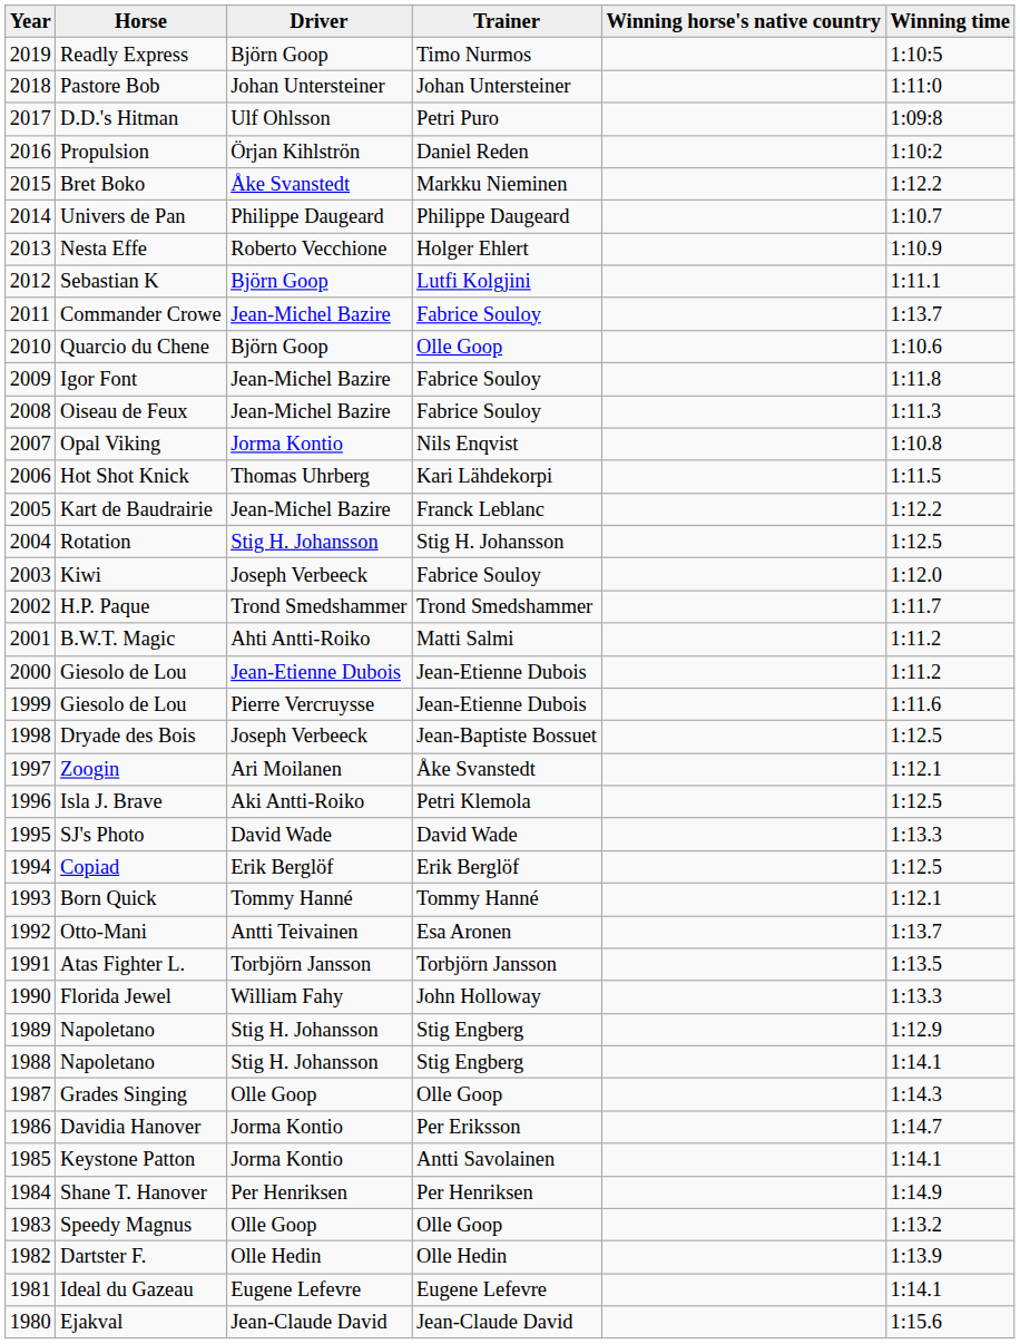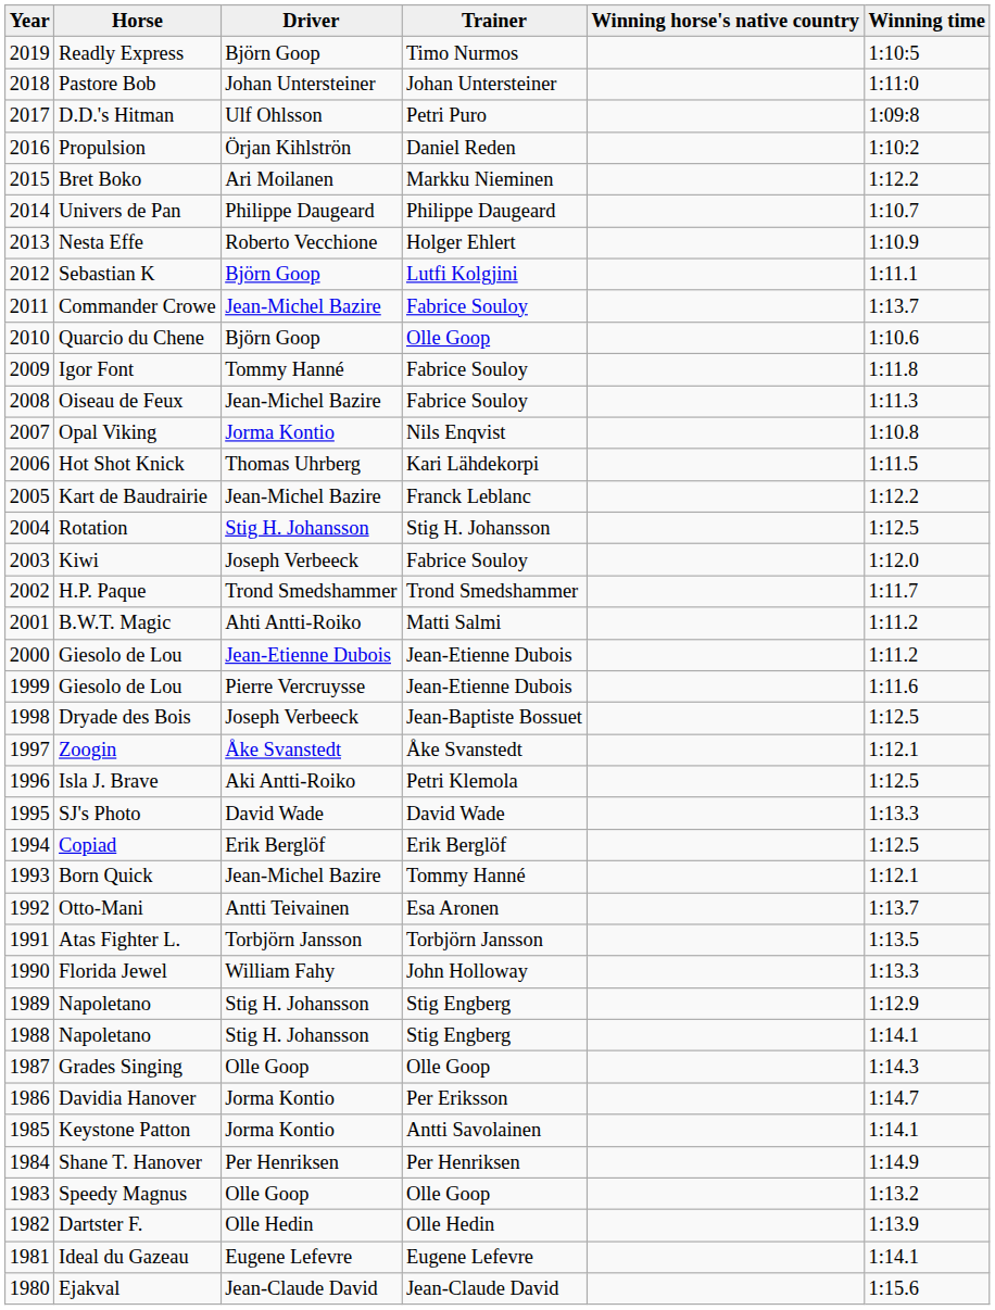 <table class="wikitable">
 <tr ---- align="center">
 <th align="left" style="background:#efefef;">Year</th>
 <th align="left" style="background:#efefef;">Horse</th>
 <th align="left" style="background:#efefef;">Driver</th>
 <th align="left" style="background:#efefef;">Trainer</th>
 <th align="left" style="background:#efefef;">Winning horse's native country</th>
 <th align="left" style="background:#efefef;">Winning time</th>
 </tr>
 <tr ---->
 <td>2019</td>
 <td>Readly Express</td>
 <td>Björn Goop</td>
 <td>Timo Nurmos</td>
 <td></td>
 <td>1:10:5</td>
 </tr>
 <tr ---->
 <td>2018</td>
 <td>Pastore Bob</td>
 <td>Johan Untersteiner</td>
 <td>Johan Untersteiner</td>
 <td></td>
 <td>1:11:0</td>
 </tr>
 <tr ---->
 <td>2017</td>
 <td>D.D.'s Hitman</td>
 <td>Ulf Ohlsson</td>
 <td>Petri Puro</td>
 <td></td>
 <td>1:09:8</td>
 </tr>
 <tr ---->
 <td>2016</td>
 <td>Propulsion</td>
 <td>Örjan Kihlströn</td>
 <td>Daniel Reden</td>
 <td></td>
 <td>1:10:2</td>
 </tr>
 <tr ---->
 <td>2015</td>
 <td>Bret Boko</td>
-<td><a href='#'>Åke Svanstedt</a></td>
+<td>Ari Moilanen</td>
 <td>Markku Nieminen</td>
 <td></td>
 <td>1:12.2</td>
 </tr>
 <tr ---->
 <td>2014</td>
 <td>Univers de Pan</td>
 <td>Philippe Daugeard</td>
 <td>Philippe Daugeard</td>
 <td></td>
 <td>1:10.7</td>
 </tr>
 <tr ---->
 <td>2013</td>
 <td>Nesta Effe</td>
 <td>Roberto Vecchione</td>
 <td>Holger Ehlert</td>
 <td></td>
 <td>1:10.9</td>
 </tr>
 <tr ---->
 <td>2012</td>
 <td>Sebastian K</td>
 <td><a href='#'>Björn Goop</a></td>
 <td><a href='#'>Lutfi Kolgjini</a></td>
 <td></td>
 <td>1:11.1</td>
 </tr>
 <tr ---->
 <td>2011</td>
 <td>Commander Crowe</td>
 <td><a href='#'>Jean-Michel Bazire</a></td>
 <td><a href='#'>Fabrice Souloy</a></td>
 <td></td>
 <td>1:13.7</td>
 </tr>
 <tr ---->
 <td>2010</td>
 <td>Quarcio du Chene</td>
 <td>Björn Goop</td>
 <td><a href='#'>Olle Goop</a></td>
 <td></td>
 <td>1:10.6</td>
 </tr>
 <tr ---->
 <td>2009</td>
 <td>Igor Font</td>
-<td>Jean-Michel Bazire</td>
+<td>Tommy Hanné</td>
 <td>Fabrice Souloy</td>
 <td></td>
 <td>1:11.8</td>
 </tr>
 <tr ---->
 <td>2008</td>
 <td>Oiseau de Feux</td>
 <td>Jean-Michel Bazire</td>
 <td>Fabrice Souloy</td>
 <td></td>
 <td>1:11.3</td>
 </tr>
 <tr ---->
 <td>2007</td>
 <td>Opal Viking</td>
 <td><a href='#'>Jorma Kontio</a></td>
 <td>Nils Enqvist</td>
 <td></td>
 <td>1:10.8</td>
 </tr>
 <tr ---->
 <td>2006</td>
 <td>Hot Shot Knick</td>
 <td>Thomas Uhrberg</td>
 <td>Kari Lähdekorpi</td>
 <td></td>
 <td>1:11.5</td>
 </tr>
 <tr ---->
 <td>2005</td>
 <td>Kart de Baudrairie</td>
 <td>Jean-Michel Bazire</td>
 <td>Franck Leblanc</td>
 <td></td>
 <td>1:12.2</td>
 </tr>
 <tr ---->
 <td>2004</td>
 <td>Rotation</td>
 <td><a href='#'>Stig H. Johansson</a></td>
 <td>Stig H. Johansson</td>
 <td></td>
 <td>1:12.5</td>
 </tr>
 <tr ---->
 <td>2003</td>
 <td>Kiwi</td>
 <td>Joseph Verbeeck</td>
 <td>Fabrice Souloy</td>
 <td></td>
 <td>1:12.0</td>
 </tr>
 <tr ---->
 <td>2002</td>
 <td>H.P. Paque</td>
 <td>Trond Smedshammer</td>
 <td>Trond Smedshammer</td>
 <td></td>
 <td>1:11.7</td>
 </tr>
 <tr ---->
 <td>2001</td>
 <td>B.W.T. Magic</td>
 <td>Ahti Antti-Roiko</td>
 <td>Matti Salmi</td>
 <td></td>
 <td>1:11.2</td>
 </tr>
 <tr ---->
 <td>2000</td>
 <td>Giesolo de Lou</td>
 <td><a href='#'>Jean-Etienne Dubois</a></td>
 <td>Jean-Etienne Dubois</td>
 <td></td>
 <td>1:11.2</td>
 </tr>
 <tr ---->
 <td>1999</td>
 <td>Giesolo de Lou</td>
 <td>Pierre Vercruysse</td>
 <td>Jean-Etienne Dubois</td>
 <td></td>
 <td>1:11.6</td>
 </tr>
 <tr ---->
 <td>1998</td>
 <td>Dryade des Bois</td>
 <td>Joseph Verbeeck</td>
 <td>Jean-Baptiste Bossuet</td>
 <td></td>
 <td>1:12.5</td>
 </tr>
 <tr ---->
 <td>1997</td>
 <td><a href='#'>Zoogin</a></td>
-<td>Ari Moilanen</td>
+<td><a href='#'>Åke Svanstedt</a></td>
 <td>Åke Svanstedt</td>
 <td></td>
 <td>1:12.1</td>
 </tr>
 <tr ---->
 <td>1996</td>
 <td>Isla J. Brave</td>
 <td>Aki Antti-Roiko</td>
 <td>Petri Klemola</td>
 <td></td>
 <td>1:12.5</td>
 </tr>
 <tr ---->
 <td>1995</td>
 <td>SJ's Photo</td>
 <td>David Wade</td>
 <td>David Wade</td>
 <td></td>
 <td>1:13.3</td>
 </tr>
 <tr ---->
 <td>1994</td>
 <td><a href='#'>Copiad</a></td>
 <td>Erik Berglöf</td>
 <td>Erik Berglöf</td>
 <td></td>
 <td>1:12.5</td>
 </tr>
 <tr ---->
 <td>1993</td>
 <td>Born Quick</td>
-<td>Tommy Hanné</td>
+<td>Jean-Michel Bazire</td>
 <td>Tommy Hanné</td>
 <td></td>
 <td>1:12.1</td>
 </tr>
 <tr ---->
 <td>1992</td>
 <td>Otto-Mani</td>
 <td>Antti Teivainen</td>
 <td>Esa Aronen</td>
 <td></td>
 <td>1:13.7</td>
 </tr>
 <tr ---->
 <td>1991</td>
 <td>Atas Fighter L.</td>
 <td>Torbjörn Jansson</td>
 <td>Torbjörn Jansson</td>
 <td></td>
 <td>1:13.5</td>
 </tr>
 <tr ---->
 <td>1990</td>
 <td>Florida Jewel</td>
 <td>William Fahy</td>
 <td>John Holloway</td>
 <td></td>
 <td>1:13.3</td>
 </tr>
 <tr ---->
 <td>1989</td>
 <td>Napoletano</td>
 <td>Stig H. Johansson</td>
 <td>Stig Engberg</td>
 <td></td>
 <td>1:12.9</td>
 </tr>
 <tr ---->
 <td>1988</td>
 <td>Napoletano</td>
 <td>Stig H. Johansson</td>
 <td>Stig Engberg</td>
 <td></td>
 <td>1:14.1</td>
 </tr>
 <tr ---->
 <td>1987</td>
 <td>Grades Singing</td>
 <td>Olle Goop</td>
 <td>Olle Goop</td>
 <td></td>
 <td>1:14.3</td>
 </tr>
 <tr ---->
 <td>1986</td>
 <td>Davidia Hanover</td>
 <td>Jorma Kontio</td>
 <td>Per Eriksson</td>
 <td></td>
 <td>1:14.7</td>
 </tr>
 <tr ---->
 <td>1985</td>
 <td>Keystone Patton</td>
 <td>Jorma Kontio</td>
 <td>Antti Savolainen</td>
 <td></td>
 <td>1:14.1</td>
 </tr>
 <tr ---->
 <td>1984</td>
 <td>Shane T. Hanover</td>
 <td>Per Henriksen</td>
 <td>Per Henriksen</td>
 <td></td>
 <td>1:14.9</td>
 </tr>
 <tr ---->
 <td>1983</td>
 <td>Speedy Magnus</td>
 <td>Olle Goop</td>
 <td>Olle Goop</td>
 <td></td>
 <td>1:13.2</td>
 </tr>
 <tr ---->
 <td>1982</td>
 <td>Dartster F.</td>
 <td>Olle Hedin</td>
 <td>Olle Hedin</td>
 <td></td>
 <td>1:13.9</td>
 </tr>
 <tr ---->
 <td>1981</td>
 <td>Ideal du Gazeau</td>
 <td>Eugene Lefevre</td>
 <td>Eugene Lefevre</td>
 <td></td>
 <td>1:14.1</td>
 </tr>
 <tr ---->
 <td>1980</td>
 <td>Ejakval</td>
 <td>Jean-Claude David</td>
 <td>Jean-Claude David</td>
 <td></td>
 <td>1:15.6</td>
 </tr>
 </table>
